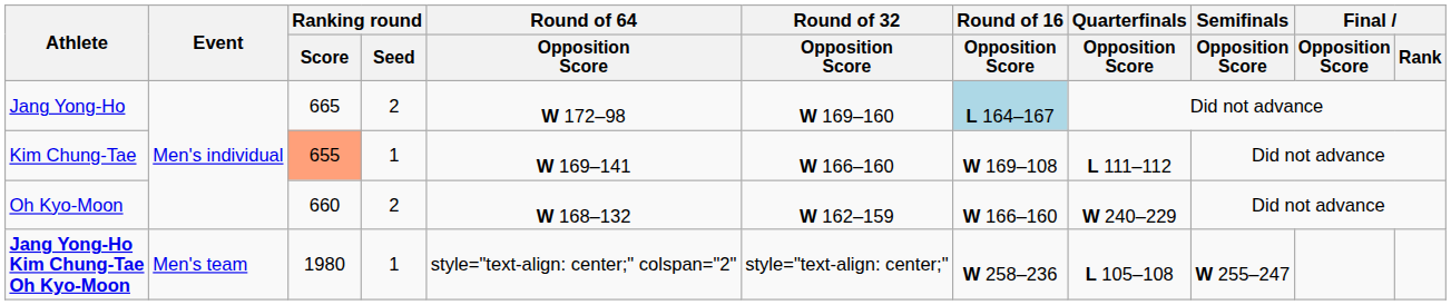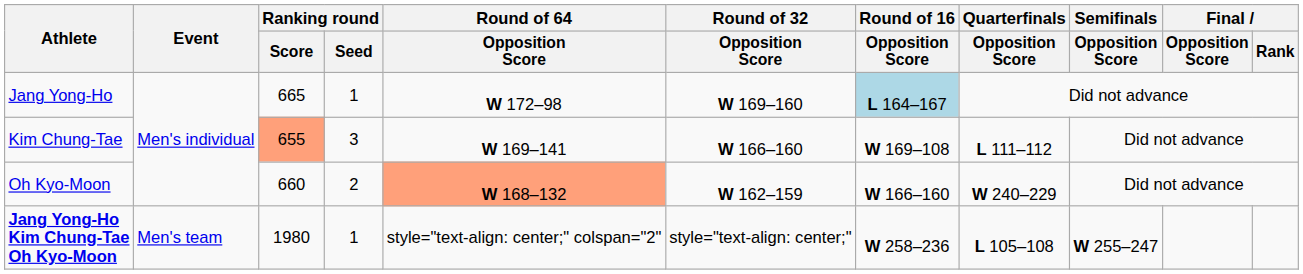 <table class="wikitable" style="font-size:90%">
 <tr>
 <th rowspan="2">Athlete</th>
 <th rowspan="2">Event</th>
 <th colspan="2">Ranking round</th>
 <th>Round of 64</th>
 <th>Round of 32</th>
 <th>Round of 16</th>
 <th>Quarterfinals</th>
 <th>Semifinals</th>
 <th colspan="2">Final / </th>
 </tr>
 <tr style="font-size:95%">
 <th>Score</th>
 <th>Seed</th>
 <th>Opposition<br>Score</th>
 <th>Opposition<br>Score</th>
 <th>Opposition<br>Score</th>
 <th>Opposition<br>Score</th>
 <th>Opposition<br>Score</th>
 <th>Opposition<br>Score</th>
 <th>Rank</th>
 </tr>
 <tr>
 <td style="text-align: left;"><a href='#'>Jang Yong-Ho</a></td>
 <td rowspan=3 style="text-align: left;"><a href='#'>Men's individual</a></td>
 <td style="text-align: center;">665</td>
-<td style="text-align: center;">2</td>
+<td style="text-align: center;">1</td>
 <td style="text-align: center;"><br><strong>W</strong> 172–98</td>
 <td style="text-align: center;"><br><strong>W</strong> 169–160</td>
 <td style="background: lightblue; text-align: center;"><br><strong>L</strong> 164–167</td>
 <td style="text-align: center;" colspan=4>Did not advance</td>
 </tr>
 <tr>
 <td style="text-align: left;"><a href='#'>Kim Chung-Tae</a></td>
 <td style="background: lightsalmon; text-align: center;">655</td>
-<td style="text-align: center;">1</td>
+<td style="text-align: center;">3</td>
 <td style="text-align: center;"><br><strong>W</strong> 169–141</td>
 <td style="text-align: center;"><br><strong>W</strong> 166–160</td>
 <td style="text-align: center;"><br><strong>W</strong> 169–108</td>
 <td style="text-align: center;"><br><strong>L</strong> 111–112</td>
 <td style="text-align: center;" colspan=3>Did not advance</td>
 </tr>
 <tr>
 <td style="text-align: left;"><a href='#'>Oh Kyo-Moon</a></td>
 <td style="text-align: center;">660</td>
 <td style="text-align: center;">2</td>
-<td style="text-align: center;"><br><strong>W</strong> 168–132</td>
+<td style="background: lightsalmon; text-align: center;"><br><strong>W</strong> 168–132</td>
 <td style="text-align: center;"><br><strong>W</strong> 162–159</td>
 <td style="text-align: center;"><br><strong>W</strong> 166–160</td>
 <td style="text-align: center;"><br><strong>W</strong> 240–229</td>
 <td style="text-align: center;" colspan=3>Did not advance</td>
 </tr>
 <tr>
 <td style="text-align: left;"><strong><a href='#'>Jang Yong-Ho</a></strong><br> <strong><a href='#'>Kim Chung-Tae</a></strong><br> <strong><a href='#'>Oh Kyo-Moon</a></strong></td>
 <td style="text-align: left;"><a href='#'>Men's team</a></td>
 <td style="text-align: center;">1980</td>
 <td style="text-align: center;">1</td>
 <td>style="text-align: center;" colspan="2" </td>
 <td>style="text-align: center;" </td>
 <td style="text-align: center;"><br><strong>W</strong> 258–236</td>
 <td style="text-align: center;"><br><strong>L</strong> 105–108</td>
 <td style="text-align: center;"><br><strong>W</strong> 255–247</td>
 <td style="text-align: center;"></td>
 </tr>
 </table>
